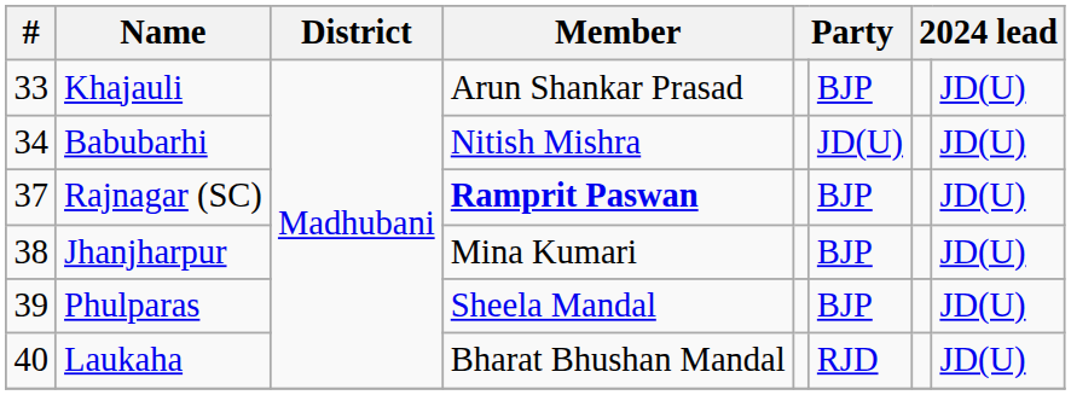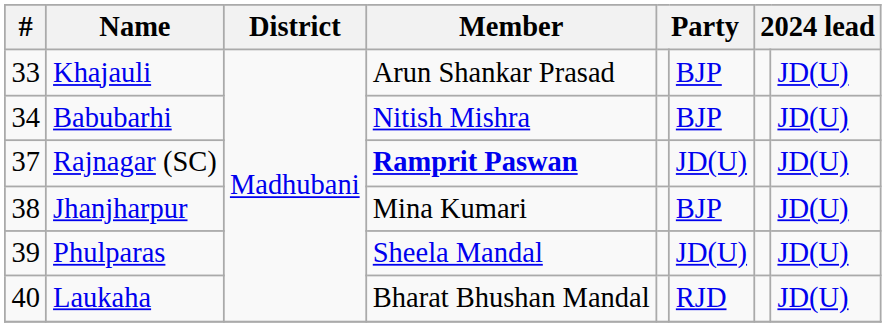 <table class="wikitable">
 <tr>
 <th>#</th>
 <th>Name</th>
 <th>District</th>
 <th>Member</th>
 <th colspan="2">Party</th>
 <th colspan="2">2024 lead</th>
 </tr>
 <tr>
 <td>33</td>
 <td><a href='#'>Khajauli</a></td>
 <td rowspan="6"><a href='#'>Madhubani</a></td>
 <td>Arun Shankar Prasad</td>
 <td style="background-color: "></td>
 <td><a href='#'>BJP</a></td>
 <td style="background-color: "></td>
 <td><a href='#'>JD(U)</a></td>
 </tr>
 <tr>
 <td>34</td>
 <td><a href='#'>Babubarhi</a></td>
 <td><a href='#'>Nitish Mishra</a></td>
 <td style="background-color: "></td>
-<td><a href='#'>JD(U)</a></td>
+<td><a href='#'>BJP</a></td>
 <td style="background-color: "></td>
 <td><a href='#'>JD(U)</a></td>
 </tr>
 <tr>
 <td>37</td>
 <td><a href='#'>Rajnagar</a> (SC)</td>
 <td><strong><a href='#'>Ramprit Paswan</a></strong></td>
 <td style="background-color: "></td>
-<td><a href='#'>BJP</a></td>
+<td><a href='#'>JD(U)</a></td>
 <td style="background-color: "></td>
 <td><a href='#'>JD(U)</a></td>
 </tr>
 <tr>
 <td>38</td>
 <td><a href='#'>Jhanjharpur</a></td>
 <td>Mina Kumari</td>
 <td style="background-color: "></td>
 <td><a href='#'>BJP</a></td>
 <td style="background-color: "></td>
 <td><a href='#'>JD(U)</a></td>
 </tr>
 <tr>
 <td>39</td>
 <td><a href='#'>Phulparas</a></td>
 <td><a href='#'>Sheela Mandal</a></td>
 <td style="background-color: "></td>
-<td><a href='#'>BJP</a></td>
+<td><a href='#'>JD(U)</a></td>
 <td style="background-color: "></td>
 <td><a href='#'>JD(U)</a></td>
 </tr>
 <tr>
 <td>40</td>
 <td><a href='#'>Laukaha</a></td>
 <td>Bharat Bhushan Mandal</td>
 <td style="background-color: "></td>
 <td><a href='#'>RJD</a></td>
 <td style="background-color: "></td>
 <td><a href='#'>JD(U)</a></td>
 </tr>
 <tr>
 </tr>
 </table>
